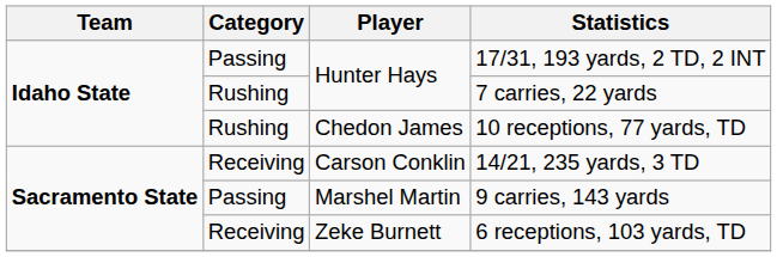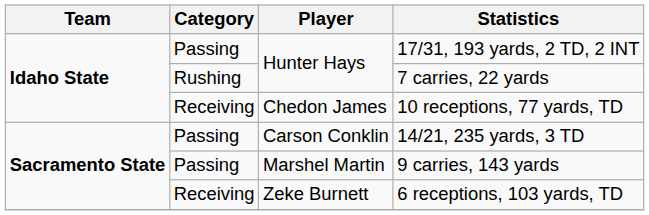 <table class="wikitable" style="float: right;">
 <tr>
 <th>Team</th>
 <th>Category</th>
 <th>Player</th>
 <th>Statistics</th>
 </tr>
 <tr>
 <td rowspan=3><strong>Idaho State</strong></td>
 <td>Passing</td>
 <td rowspan="2">Hunter Hays</td>
 <td>17/31, 193 yards, 2 TD, 2 INT</td>
 </tr>
 <tr>
 <td>Rushing</td>
 <td>7 carries, 22 yards</td>
 </tr>
 <tr>
-<td>Rushing</td>
+<td>Receiving</td>
 <td>Chedon James</td>
 <td>10 receptions, 77 yards, TD</td>
 </tr>
 <tr>
 <td rowspan=3><strong>Sacramento State</strong></td>
-<td>Receiving</td>
+<td>Passing</td>
 <td>Carson Conklin</td>
 <td>14/21, 235 yards, 3 TD</td>
 </tr>
 <tr>
 <td>Passing</td>
 <td>Marshel Martin</td>
 <td>9 carries, 143 yards</td>
 </tr>
 <tr>
 <td>Receiving</td>
 <td>Zeke Burnett</td>
 <td>6 receptions, 103 yards, TD</td>
 </tr>
 <tr>
 </tr>
 </table>
